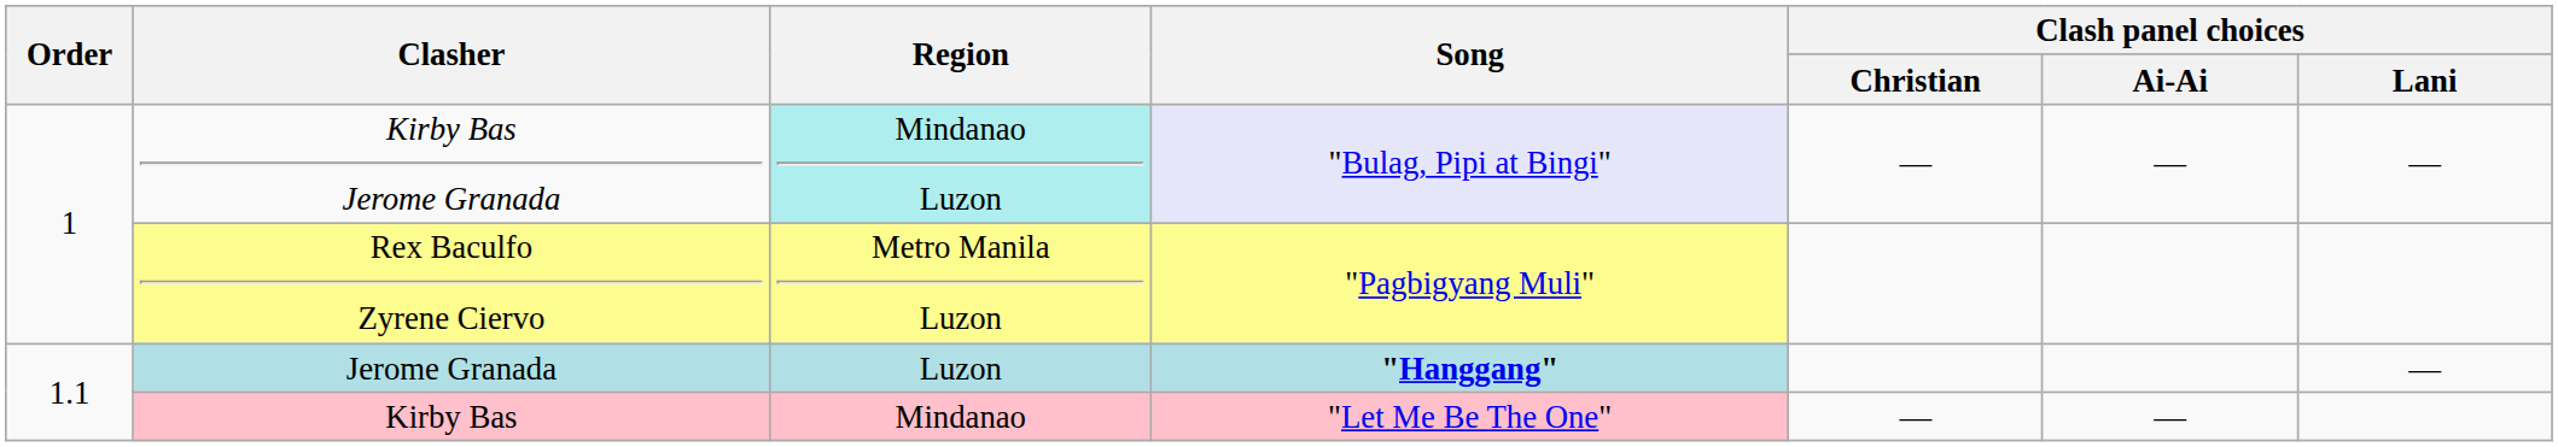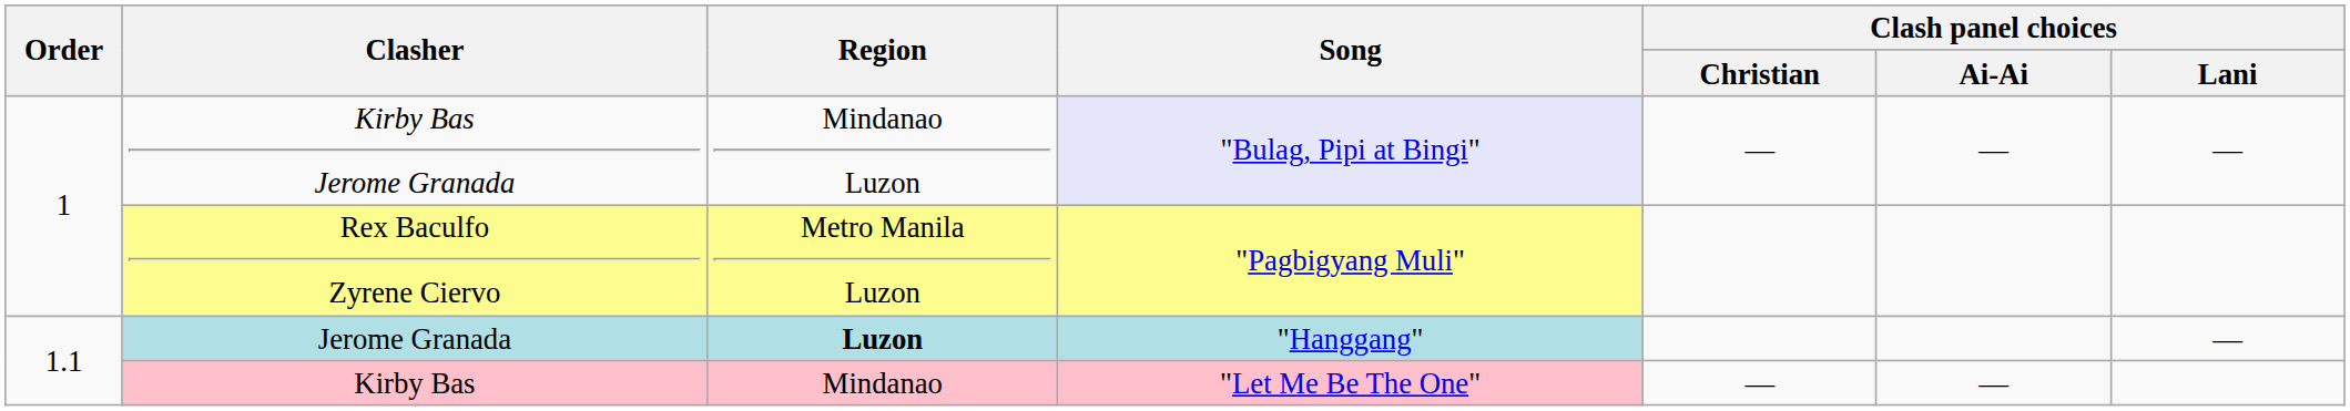 <table class="wikitable" style="text-align:center; line-height:17px; width:100%;">
 <tr>
 <th rowspan="2" width="5%">Order</th>
 <th rowspan="2" width="25%">Clasher</th>
 <th rowspan="2">Region</th>
 <th rowspan="2" width="25%">Song</th>
 <th colspan="3" width="30%">Clash panel choices</th>
 </tr>
 <tr>
 <th width="10%">Christian</th>
 <th width="10%">Ai-Ai</th>
 <th width="10%">Lani</th>
 </tr>
 <tr>
 <td rowspan="2">1</td>
 <td><em>Kirby Bas</em><hr><em>Jerome Granada</em></td>
-<td style="background: paleturquoise;">Mindanao<hr>Luzon</td>
+<td>Mindanao<hr>Luzon</td>
 <td style="background: lavender;">"<a href='#'>Bulag, Pipi at Bingi</a>"</td>
 <td>—</td>
 <td>—</td>
 <td>—</td>
 </tr>
 <tr>
 <td style="background:#fdfc8f;">Rex Baculfo<hr>Zyrene Ciervo</td>
 <td style="background:#fdfc8f;">Metro Manila<hr>Luzon</td>
 <td style="background:#fdfc8f;">"<a href='#'>Pagbigyang Muli</a>"</td>
 <td><strong></strong></td>
 <td><strong></strong></td>
 <td><strong></strong></td>
 </tr>
 <tr>
 <td rowspan="2">1.1</td>
 <td style="background:#b0e0e6;">Jerome Granada</td>
-<td style="background:#b0e0e6;">Luzon</td>
-<td style="background:#b0e0e6;"><strong>"<a href='#'>Hanggang</a>"</strong></td>
+<td style="background:#b0e0e6;"><strong>Luzon</strong></td>
+<td style="background:#b0e0e6;">"<a href='#'>Hanggang</a>"</td>
 <td><strong></strong></td>
 <td><strong></strong></td>
 <td>—</td>
 </tr>
 <tr>
 <td style="background:pink;">Kirby Bas</td>
 <td style="background:pink;">Mindanao</td>
 <td style="background:pink;">"<a href='#'>Let Me Be The One</a>"</td>
 <td>—</td>
 <td>—</td>
 <td><strong></strong></td>
 </tr>
 </table>
